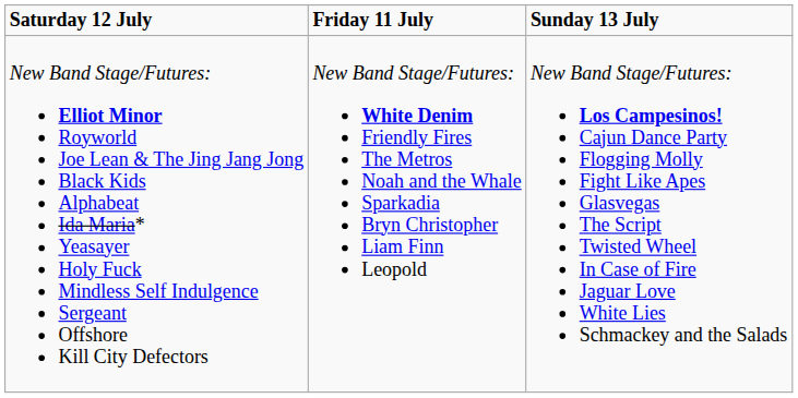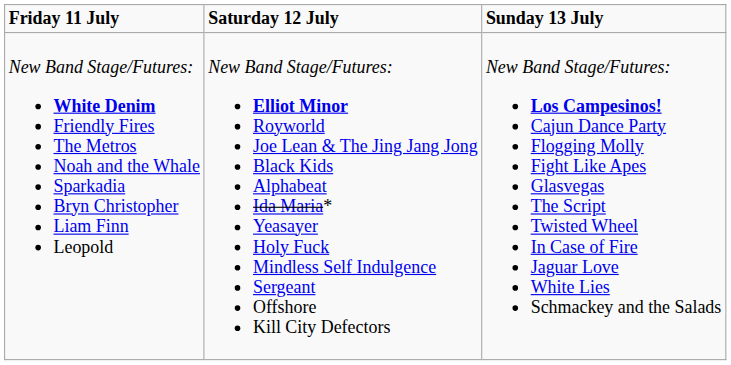 <table class="wikitable">
 <tr>
+<td><strong>Friday 11 July</strong></td>
 <td><strong>Saturday 12 July</strong></td>
-<td><strong>Friday 11 July</strong></td>
 <td><strong>Sunday 13 July</strong></td>
 </tr>
 <tr valign="top">
+<td><br><em>New Band Stage/Futures:</em><ul><li><strong><a href='#'>White Denim</a></strong></li><li><a href='#'>Friendly Fires</a></li><li><a href='#'>The Metros</a></li><li><a href='#'>Noah and the Whale</a></li><li><a href='#'>Sparkadia</a></li><li><a href='#'>Bryn Christopher</a></li><li><a href='#'>Liam Finn</a></li><li>Leopold</li></ul></td>
 <td><br><em>New Band Stage/Futures:</em><ul><li><strong><a href='#'>Elliot Minor</a></strong></li><li><a href='#'>Royworld</a></li><li><a href='#'>Joe Lean & The Jing Jang Jong</a></li><li><a href='#'>Black Kids</a></li><li><a href='#'>Alphabeat</a></li><li><s><a href='#'>Ida Maria</a></s>*</li><li><a href='#'>Yeasayer</a></li><li><a href='#'>Holy Fuck</a></li><li><a href='#'>Mindless Self Indulgence</a></li><li><a href='#'>Sergeant</a></li><li>Offshore</li><li>Kill City Defectors</li></ul></td>
-<td><br><em>New Band Stage/Futures:</em><ul><li><strong><a href='#'>White Denim</a></strong></li><li><a href='#'>Friendly Fires</a></li><li><a href='#'>The Metros</a></li><li><a href='#'>Noah and the Whale</a></li><li><a href='#'>Sparkadia</a></li><li><a href='#'>Bryn Christopher</a></li><li><a href='#'>Liam Finn</a></li><li>Leopold</li></ul></td>
 <td><br><em>New Band Stage/Futures:</em><ul><li><strong><a href='#'>Los Campesinos!</a></strong></li><li><a href='#'>Cajun Dance Party</a></li><li><a href='#'>Flogging Molly</a></li><li><a href='#'>Fight Like Apes</a></li><li><a href='#'>Glasvegas</a></li><li><a href='#'>The Script</a></li><li><a href='#'>Twisted Wheel</a></li><li><a href='#'>In Case of Fire</a></li><li><a href='#'>Jaguar Love</a></li><li><a href='#'>White Lies</a></li><li>Schmackey and the Salads</li></ul></td>
 </tr>
 </table>
